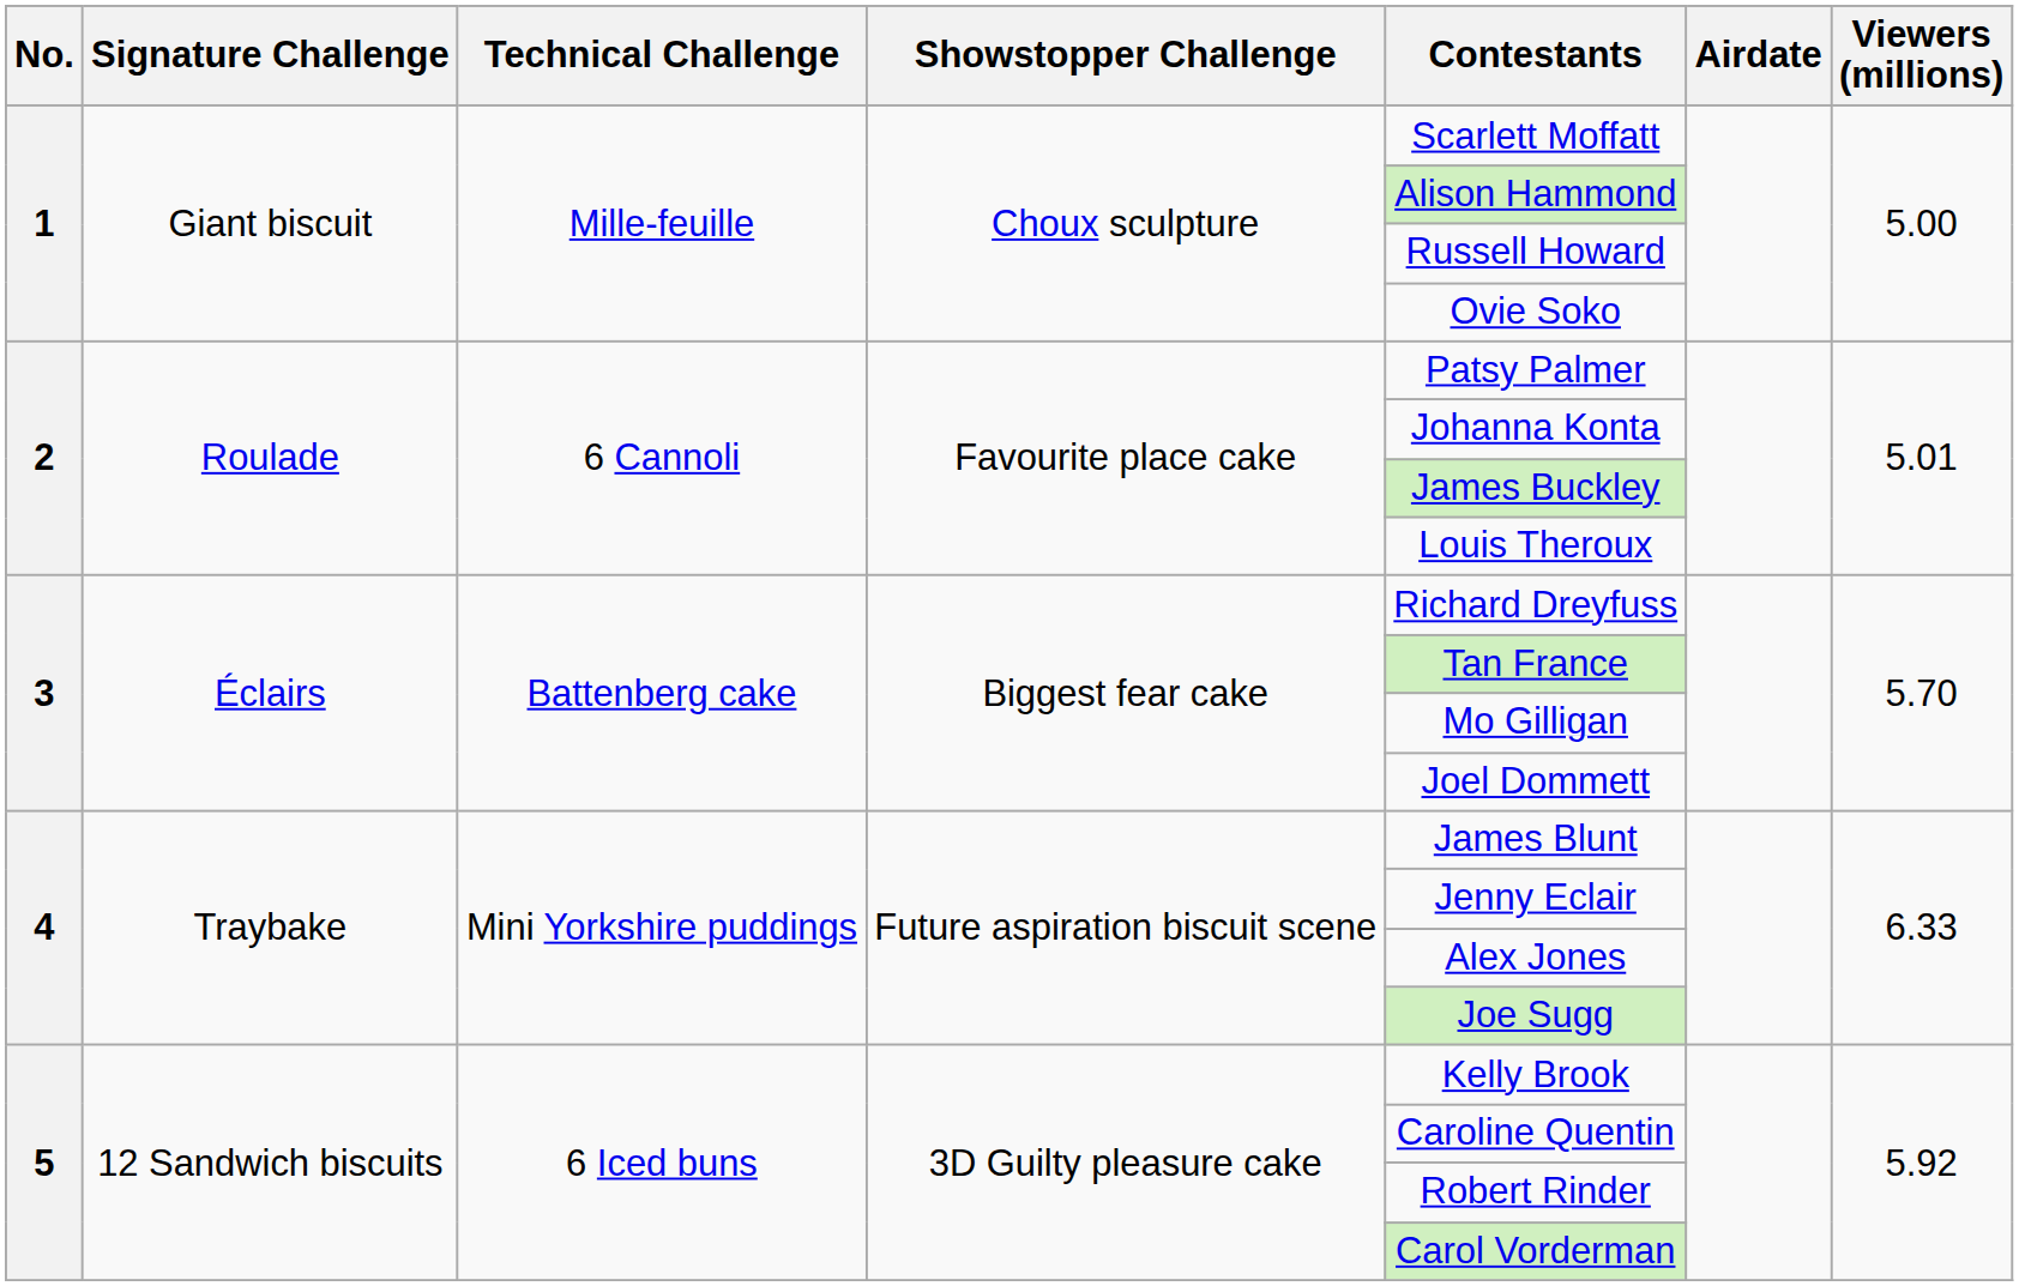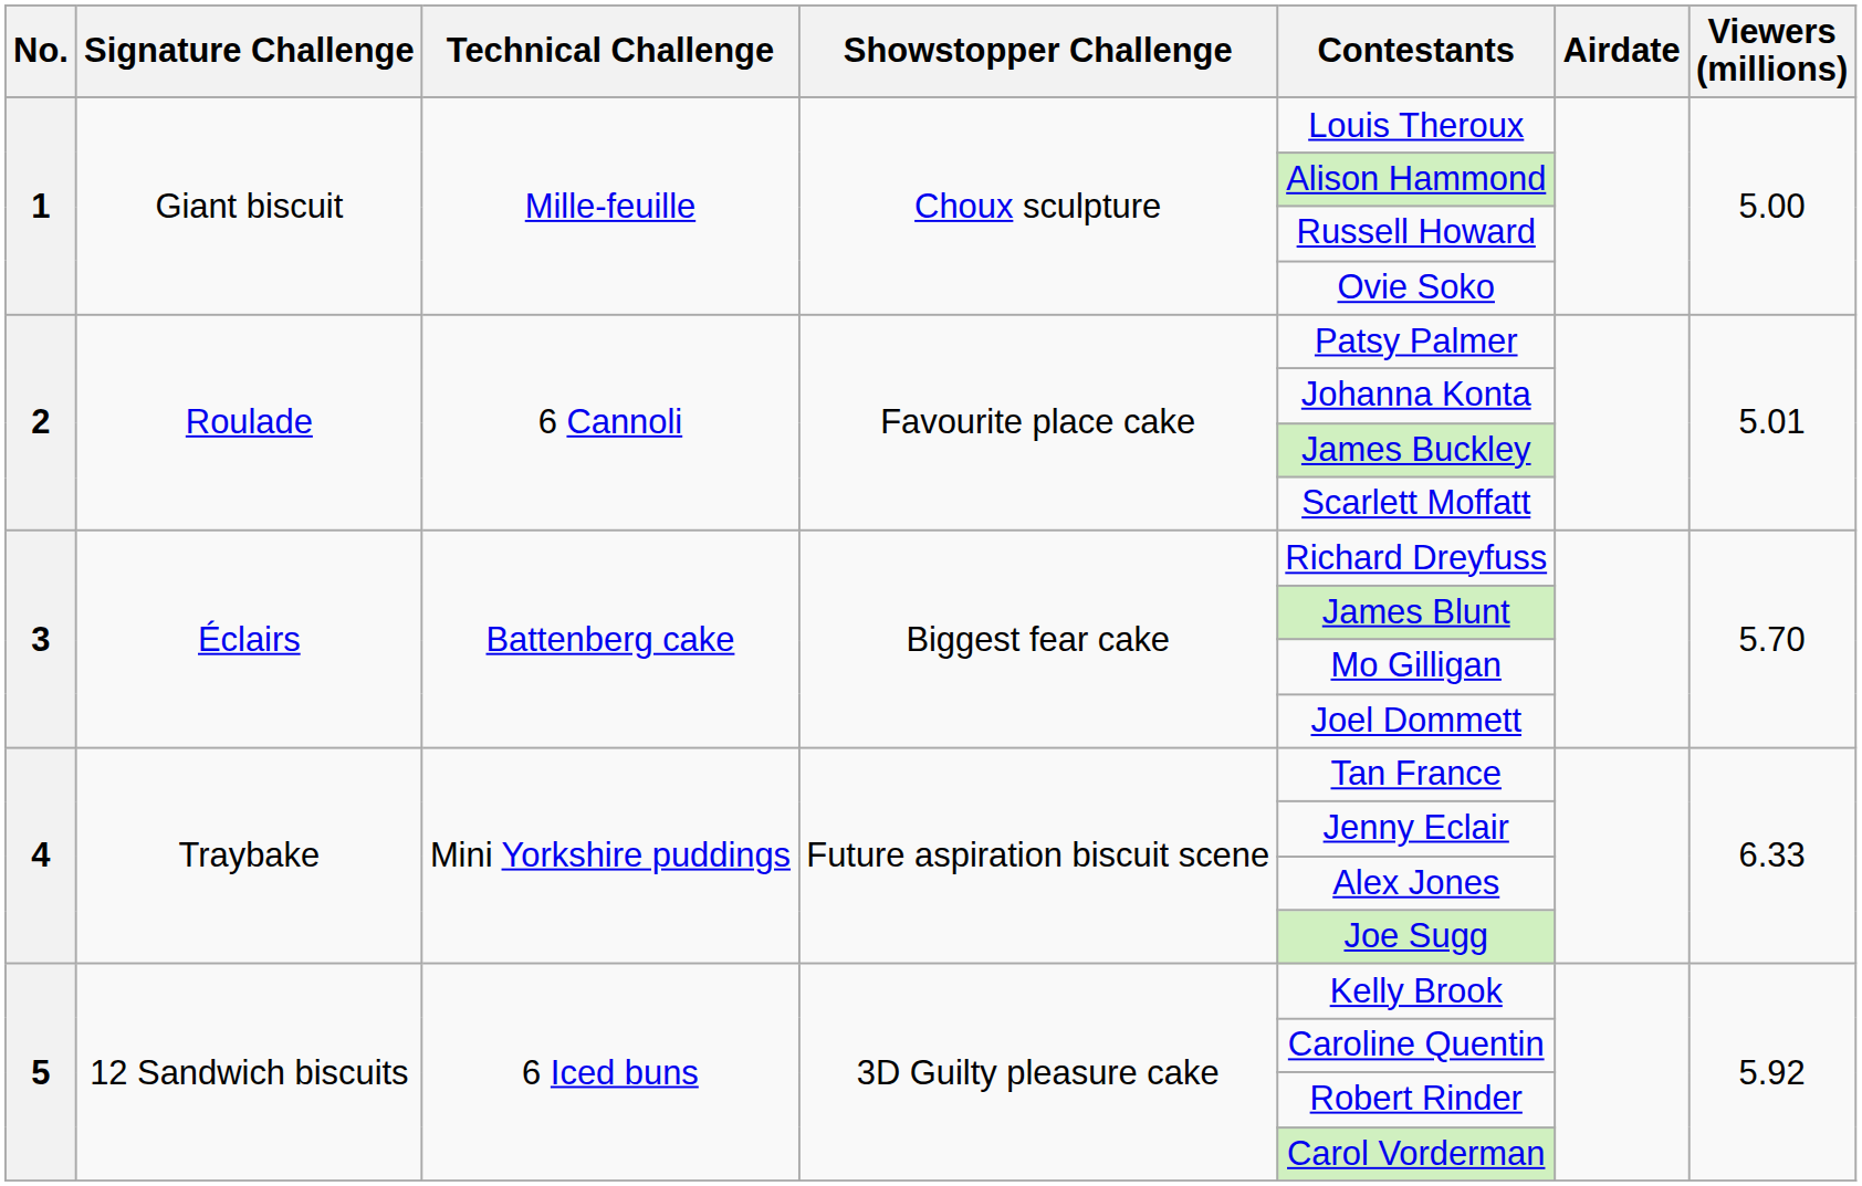 <table class="wikitable" style="text-align:center;">
 <tr>
 <th scope="col">No.</th>
 <th scope="col">Signature Challenge</th>
 <th scope="col">Technical Challenge</th>
 <th scope="col">Showstopper Challenge</th>
 <th scope="col">Contestants</th>
 <th scope="col">Airdate</th>
 <th scope="col">Viewers<br>(millions)</th>
 </tr>
 <tr>
 <th scope="rowgroup" rowspan=4>1</th>
 <td rowspan=4>Giant biscuit</td>
 <td rowspan=4><a href='#'>Mille-feuille</a></td>
 <td rowspan=4><a href='#'>Choux</a> sculpture</td>
-<td><a href='#'>Scarlett Moffatt</a></td>
+<td><a href='#'>Louis Theroux</a></td>
 <td rowspan=4></td>
 <td rowspan=4>5.00</td>
 </tr>
 <tr style="background:#d0f0c0">
 <td><a href='#'>Alison Hammond</a></td>
 </tr>
 <tr>
 <td><a href='#'>Russell Howard</a></td>
 </tr>
 <tr>
 <td><a href='#'>Ovie Soko</a></td>
 </tr>
 <tr>
 <th scope="rowgroup" rowspan=4>2</th>
 <td rowspan=4><a href='#'>Roulade</a></td>
 <td rowspan=4>6 <a href='#'>Cannoli</a></td>
 <td rowspan=4>Favourite place cake</td>
 <td><a href='#'>Patsy Palmer</a></td>
 <td rowspan=4></td>
 <td rowspan=4>5.01</td>
 </tr>
 <tr>
 <td><a href='#'>Johanna Konta</a></td>
 </tr>
 <tr style="background:#d0f0c0">
 <td><a href='#'>James Buckley</a></td>
 </tr>
 <tr>
-<td><a href='#'>Louis Theroux</a></td>
+<td><a href='#'>Scarlett Moffatt</a></td>
 </tr>
 <tr>
 <th scope="rowgroup" rowspan=4>3</th>
 <td rowspan=4><a href='#'>Éclairs</a></td>
 <td rowspan=4><a href='#'>Battenberg cake</a></td>
 <td rowspan=4>Biggest fear cake</td>
 <td><a href='#'>Richard Dreyfuss</a></td>
 <td rowspan=4></td>
 <td rowspan=4>5.70</td>
 </tr>
 <tr style="background:#d0f0c0">
-<td><a href='#'>Tan France</a></td>
+<td><a href='#'>James Blunt</a></td>
 </tr>
 <tr>
 <td><a href='#'>Mo Gilligan</a></td>
 </tr>
 <tr>
 <td><a href='#'>Joel Dommett</a></td>
 </tr>
 <tr>
 <th scope="rowgroup" rowspan=4>4</th>
 <td rowspan=4>Traybake</td>
 <td rowspan=4>Mini <a href='#'>Yorkshire puddings</a></td>
 <td rowspan=4>Future aspiration biscuit scene</td>
-<td><a href='#'>James Blunt</a></td>
+<td><a href='#'>Tan France</a></td>
 <td rowspan=4></td>
 <td rowspan=4>6.33</td>
 </tr>
 <tr>
 <td><a href='#'>Jenny Eclair</a></td>
 </tr>
 <tr>
 <td><a href='#'>Alex Jones</a></td>
 </tr>
 <tr style="background:#d0f0c0">
 <td><a href='#'>Joe Sugg</a></td>
 </tr>
 <tr>
 <th scope="rowgroup" rowspan=4>5</th>
 <td rowspan=4>12 Sandwich biscuits</td>
 <td rowspan=4>6 <a href='#'>Iced buns</a></td>
 <td rowspan=4>3D Guilty pleasure cake</td>
 <td><a href='#'>Kelly Brook</a></td>
 <td rowspan=4></td>
 <td rowspan=4>5.92</td>
 </tr>
 <tr>
 <td><a href='#'>Caroline Quentin</a></td>
 </tr>
 <tr>
 <td><a href='#'>Robert Rinder</a></td>
 </tr>
 <tr style="background:#d0f0c0">
 <td><a href='#'>Carol Vorderman</a></td>
 </tr>
 <tr>
 </tr>
 </table>
